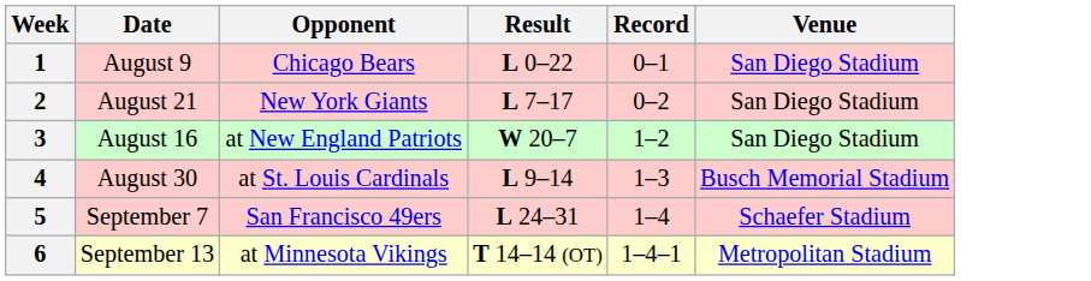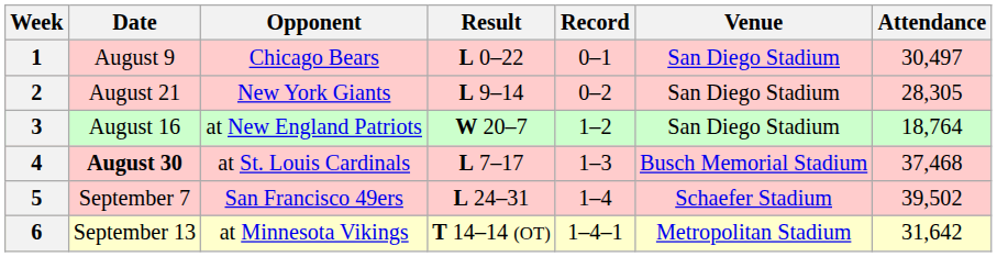 <table class="wikitable" style="text-align:center">
 <tr>
 <th>Week</th>
 <th>Date</th>
 <th>Opponent</th>
 <th>Result</th>
 <th>Record</th>
 <th>Venue</th>
+<th>Attendance</th>
 </tr>
 <tr style="background: #fcc;">
 <th scope="row">1</th>
 <td>August 9</td>
 <td><a href='#'>Chicago Bears</a></td>
 <td><strong>L</strong> 0–22</td>
 <td>0–1</td>
 <td><a href='#'>San Diego Stadium</a></td>
+<td>30,497</td>
 </tr>
 <tr style="background: #fcc;">
 <th scope="row">2</th>
 <td>August 21</td>
 <td><a href='#'>New York Giants</a></td>
-<td><strong>L</strong> 7–17</td>
+<td><strong>L</strong> 9–14</td>
 <td>0–2</td>
 <td>San Diego Stadium</td>
+<td>28,305</td>
 </tr>
 <tr style="background: #cfc;">
 <th scope="row">3</th>
 <td>August 16</td>
 <td>at <a href='#'>New England Patriots</a></td>
 <td><strong>W</strong> 20–7</td>
 <td>1–2</td>
 <td>San Diego Stadium</td>
+<td>18,764</td>
 </tr>
 <tr style="background: #fcc;">
 <th scope="row">4</th>
-<td>August 30</td>
+<td><strong>August 30</strong></td>
 <td>at <a href='#'>St. Louis Cardinals</a></td>
-<td><strong>L</strong> 9–14</td>
+<td><strong>L</strong> 7–17</td>
 <td>1–3</td>
 <td><a href='#'>Busch Memorial Stadium</a></td>
+<td>37,468</td>
 </tr>
 <tr style="background: #fcc;">
 <th scope="row">5</th>
 <td>September 7</td>
 <td><a href='#'>San Francisco 49ers</a></td>
 <td><strong>L</strong> 24–31</td>
 <td>1–4</td>
 <td><a href='#'>Schaefer Stadium</a></td>
+<td>39,502</td>
 </tr>
 <tr style="background: #ffc;">
 <th scope="row">6</th>
 <td>September 13</td>
 <td>at <a href='#'>Minnesota Vikings</a></td>
 <td><strong>T</strong> 14–14 <small>(OT)</small></td>
 <td>1–4–1</td>
 <td><a href='#'>Metropolitan Stadium</a></td>
+<td>31,642</td>
 </tr>
 </table>
